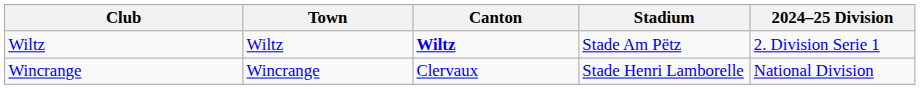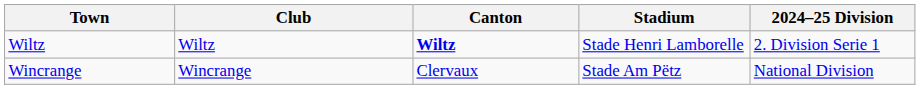 <table class="wikitable">
 <tr>
+<th style="width:200px;">Town</th>
 <th style="width:300px;">Club</th>
-<th style="width:200px;">Town</th>
 <th style="width:200px;">Canton</th>
 <th style="width:200px;">Stadium</th>
 <th style="width:200px;">2024–25 Division</th>
 </tr>
 <tr>
 <td><a href='#'>Wiltz</a></td>
 <td><a href='#'>Wiltz</a></td>
 <td><strong><a href='#'>Wiltz</a></strong></td>
-<td><a href='#'>Stade Am Pëtz</a></td>
+<td><a href='#'>Stade Henri Lamborelle</a></td>
 <td><a href='#'>2. Division Serie 1</a></td>
 </tr>
 <tr>
 <td><a href='#'>Wincrange</a></td>
 <td><a href='#'>Wincrange</a></td>
 <td><a href='#'>Clervaux</a></td>
-<td><a href='#'>Stade Henri Lamborelle</a></td>
+<td><a href='#'>Stade Am Pëtz</a></td>
 <td><a href='#'>National Division</a></td>
 </tr>
 </table>
